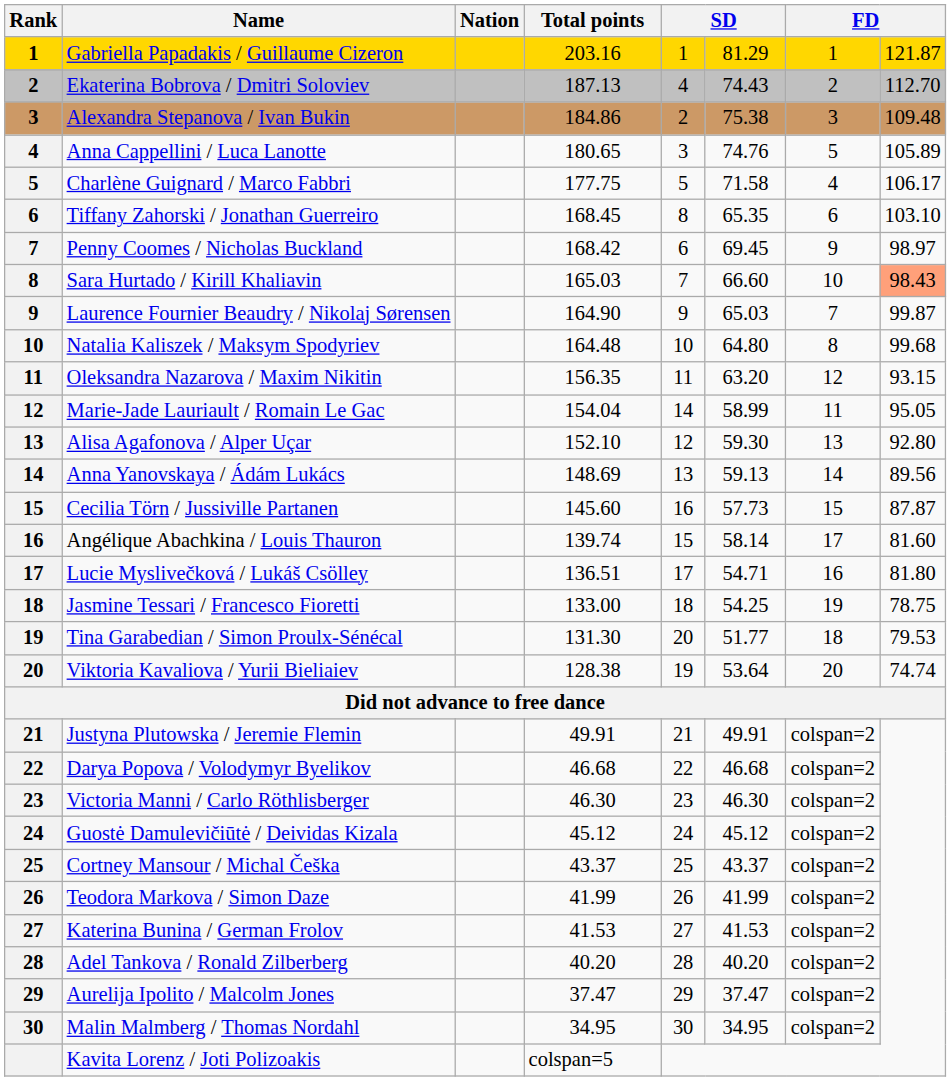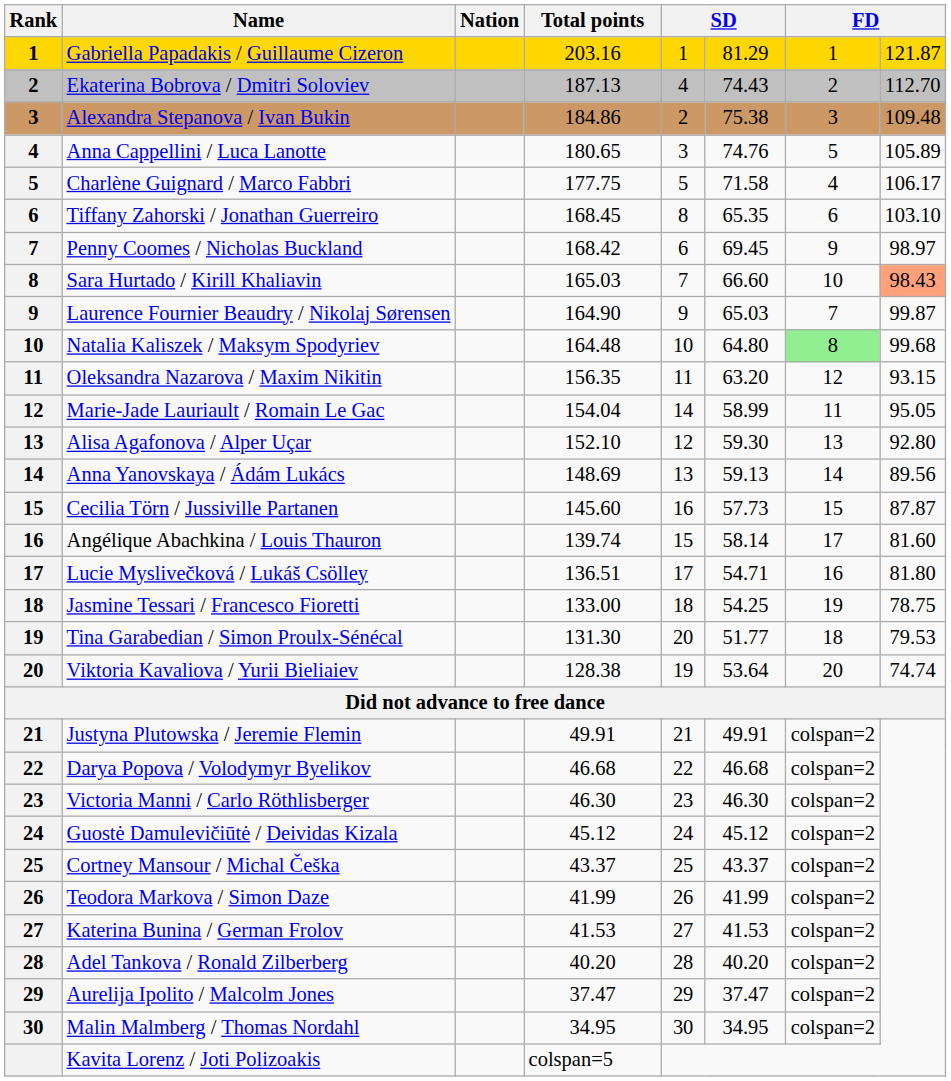 <table class="wikitable sortable">
 <tr>
 <th>Rank</th>
 <th>Name</th>
 <th>Nation</th>
 <th width="100px">Total points</th>
 <th colspan="2" width="90px"><a href='#'>SD</a></th>
 <th colspan="2" width="90px"><a href='#'>FD</a></th>
 </tr>
 <tr bgcolor="gold">
 <td align="center" bgcolor="gold"><strong>1</strong></td>
 <td><a href='#'>Gabriella Papadakis</a> / <a href='#'>Guillaume Cizeron</a></td>
 <td></td>
 <td align="center">203.16</td>
 <td align="center">1</td>
 <td align="center">81.29</td>
 <td align="center">1</td>
 <td align="center">121.87</td>
 </tr>
 <tr bgcolor="silver">
 <td align="center" bgcolor="silver"><strong>2</strong></td>
 <td><a href='#'>Ekaterina Bobrova</a> / <a href='#'>Dmitri Soloviev</a></td>
 <td></td>
 <td align="center">187.13</td>
 <td align="center">4</td>
 <td align="center">74.43</td>
 <td align="center">2</td>
 <td align="center">112.70</td>
 </tr>
 <tr bgcolor="#cc9966">
 <td align="center" bgcolor="#cc9966"><strong>3</strong></td>
 <td><a href='#'>Alexandra Stepanova</a> / <a href='#'>Ivan Bukin</a></td>
 <td></td>
 <td align="center">184.86</td>
 <td align="center">2</td>
 <td align="center">75.38</td>
 <td align="center">3</td>
 <td align="center">109.48</td>
 </tr>
 <tr>
 <th>4</th>
 <td><a href='#'>Anna Cappellini</a> / <a href='#'>Luca Lanotte</a></td>
 <td></td>
 <td align="center">180.65</td>
 <td align="center">3</td>
 <td align="center">74.76</td>
 <td align="center">5</td>
 <td align="center">105.89</td>
 </tr>
 <tr>
 <th>5</th>
 <td><a href='#'>Charlène Guignard</a> / <a href='#'>Marco Fabbri</a></td>
 <td></td>
 <td align="center">177.75</td>
 <td align="center">5</td>
 <td align="center">71.58</td>
 <td align="center">4</td>
 <td align="center">106.17</td>
 </tr>
 <tr>
 <th>6</th>
 <td><a href='#'>Tiffany Zahorski</a> / <a href='#'>Jonathan Guerreiro</a></td>
 <td></td>
 <td align="center">168.45</td>
 <td align="center">8</td>
 <td align="center">65.35</td>
 <td align="center">6</td>
 <td align="center">103.10</td>
 </tr>
 <tr>
 <th>7</th>
 <td><a href='#'>Penny Coomes</a> / <a href='#'>Nicholas Buckland</a></td>
 <td></td>
 <td align="center">168.42</td>
 <td align="center">6</td>
 <td align="center">69.45</td>
 <td align="center">9</td>
 <td align="center">98.97</td>
 </tr>
 <tr>
 <th>8</th>
 <td><a href='#'>Sara Hurtado</a> / <a href='#'>Kirill Khaliavin</a></td>
 <td></td>
 <td align="center">165.03</td>
 <td align="center">7</td>
 <td align="center">66.60</td>
 <td align="center">10</td>
 <td align="center" style="background: lightsalmon;">98.43</td>
 </tr>
 <tr>
 <th>9</th>
 <td><a href='#'>Laurence Fournier Beaudry</a> / <a href='#'>Nikolaj Sørensen</a></td>
 <td></td>
 <td align="center">164.90</td>
 <td align="center">9</td>
 <td align="center">65.03</td>
 <td align="center">7</td>
 <td align="center">99.87</td>
 </tr>
 <tr>
 <th>10</th>
 <td><a href='#'>Natalia Kaliszek</a> / <a href='#'>Maksym Spodyriev</a></td>
 <td></td>
 <td align="center">164.48</td>
 <td align="center">10</td>
 <td align="center">64.80</td>
-<td align="center">8</td>
+<td align="center" style="background: lightgreen;">8</td>
 <td align="center">99.68</td>
 </tr>
 <tr>
 <th>11</th>
 <td><a href='#'>Oleksandra Nazarova</a> / <a href='#'>Maxim Nikitin</a></td>
 <td></td>
 <td align="center">156.35</td>
 <td align="center">11</td>
 <td align="center">63.20</td>
 <td align="center">12</td>
 <td align="center">93.15</td>
 </tr>
 <tr>
 <th>12</th>
 <td><a href='#'>Marie-Jade Lauriault</a> / <a href='#'>Romain Le Gac</a></td>
 <td></td>
 <td align="center">154.04</td>
 <td align="center">14</td>
 <td align="center">58.99</td>
 <td align="center">11</td>
 <td align="center">95.05</td>
 </tr>
 <tr>
 <th>13</th>
 <td><a href='#'>Alisa Agafonova</a> / <a href='#'>Alper Uçar</a></td>
 <td></td>
 <td align="center">152.10</td>
 <td align="center">12</td>
 <td align="center">59.30</td>
 <td align="center">13</td>
 <td align="center">92.80</td>
 </tr>
 <tr>
 <th>14</th>
 <td><a href='#'>Anna Yanovskaya</a> / <a href='#'>Ádám Lukács</a></td>
 <td></td>
 <td align="center">148.69</td>
 <td align="center">13</td>
 <td align="center">59.13</td>
 <td align="center">14</td>
 <td align="center">89.56</td>
 </tr>
 <tr>
 <th>15</th>
 <td><a href='#'>Cecilia Törn</a> / <a href='#'>Jussiville Partanen</a></td>
 <td></td>
 <td align="center">145.60</td>
 <td align="center">16</td>
 <td align="center">57.73</td>
 <td align="center">15</td>
 <td align="center">87.87</td>
 </tr>
 <tr>
 <th>16</th>
 <td>Angélique Abachkina / <a href='#'>Louis Thauron</a></td>
 <td></td>
 <td align="center">139.74</td>
 <td align="center">15</td>
 <td align="center">58.14</td>
 <td align="center">17</td>
 <td align="center">81.60</td>
 </tr>
 <tr>
 <th>17</th>
 <td><a href='#'>Lucie Myslivečková</a> / <a href='#'>Lukáš Csölley</a></td>
 <td></td>
 <td align="center">136.51</td>
 <td align="center">17</td>
 <td align="center">54.71</td>
 <td align="center">16</td>
 <td align="center">81.80</td>
 </tr>
 <tr>
 <th>18</th>
 <td><a href='#'>Jasmine Tessari</a> / <a href='#'>Francesco Fioretti</a></td>
 <td></td>
 <td align="center">133.00</td>
 <td align="center">18</td>
 <td align="center">54.25</td>
 <td align="center">19</td>
 <td align="center">78.75</td>
 </tr>
 <tr>
 <th>19</th>
 <td><a href='#'>Tina Garabedian</a> / <a href='#'>Simon Proulx-Sénécal</a></td>
 <td></td>
 <td align="center">131.30</td>
 <td align="center">20</td>
 <td align="center">51.77</td>
 <td align="center">18</td>
 <td align="center">79.53</td>
 </tr>
 <tr>
 <th>20</th>
 <td><a href='#'>Viktoria Kavaliova</a> / <a href='#'>Yurii Bieliaiev</a></td>
 <td></td>
 <td align="center">128.38</td>
 <td align="center">19</td>
 <td align="center">53.64</td>
 <td align="center">20</td>
 <td align="center">74.74</td>
 </tr>
 <tr>
 <th colspan=8>Did not advance to free dance</th>
 </tr>
 <tr>
 <th>21</th>
 <td><a href='#'>Justyna Plutowska</a> / <a href='#'>Jeremie Flemin</a></td>
 <td></td>
 <td align="center">49.91</td>
 <td align="center">21</td>
 <td align="center">49.91</td>
 <td>colspan=2 </td>
 </tr>
 <tr>
 <th>22</th>
 <td><a href='#'>Darya Popova</a> / <a href='#'>Volodymyr Byelikov</a></td>
 <td></td>
 <td align="center">46.68</td>
 <td align="center">22</td>
 <td align="center">46.68</td>
 <td>colspan=2 </td>
 </tr>
 <tr>
 <th>23</th>
 <td><a href='#'>Victoria Manni</a> / <a href='#'>Carlo Röthlisberger</a></td>
 <td></td>
 <td align="center">46.30</td>
 <td align="center">23</td>
 <td align="center">46.30</td>
 <td>colspan=2 </td>
 </tr>
 <tr>
 <th>24</th>
 <td><a href='#'>Guostė Damulevičiūtė</a> / <a href='#'>Deividas Kizala</a></td>
 <td></td>
 <td align="center">45.12</td>
 <td align="center">24</td>
 <td align="center">45.12</td>
 <td>colspan=2 </td>
 </tr>
 <tr>
 <th>25</th>
 <td><a href='#'>Cortney Mansour</a> / <a href='#'>Michal Češka</a></td>
 <td></td>
 <td align="center">43.37</td>
 <td align="center">25</td>
 <td align="center">43.37</td>
 <td>colspan=2 </td>
 </tr>
 <tr>
 <th>26</th>
 <td><a href='#'>Teodora Markova</a> / <a href='#'>Simon Daze</a></td>
 <td></td>
 <td align="center">41.99</td>
 <td align="center">26</td>
 <td align="center">41.99</td>
 <td>colspan=2 </td>
 </tr>
 <tr>
 <th>27</th>
 <td><a href='#'>Katerina Bunina</a> / <a href='#'>German Frolov</a></td>
 <td></td>
 <td align="center">41.53</td>
 <td align="center">27</td>
 <td align="center">41.53</td>
 <td>colspan=2 </td>
 </tr>
 <tr>
 <th>28</th>
 <td><a href='#'>Adel Tankova</a> / <a href='#'>Ronald Zilberberg</a></td>
 <td></td>
 <td align="center">40.20</td>
 <td align="center">28</td>
 <td align="center">40.20</td>
 <td>colspan=2 </td>
 </tr>
 <tr>
 <th>29</th>
 <td><a href='#'>Aurelija Ipolito</a> / <a href='#'>Malcolm Jones</a></td>
 <td></td>
 <td align="center">37.47</td>
 <td align="center">29</td>
 <td align="center">37.47</td>
 <td>colspan=2 </td>
 </tr>
 <tr>
 <th>30</th>
 <td><a href='#'>Malin Malmberg</a> / <a href='#'>Thomas Nordahl</a></td>
 <td></td>
 <td align="center">34.95</td>
 <td align="center">30</td>
 <td align="center">34.95</td>
 <td>colspan=2 </td>
 </tr>
 <tr>
 <th></th>
 <td><a href='#'>Kavita Lorenz</a> / <a href='#'>Joti Polizoakis</a></td>
 <td></td>
 <td>colspan=5 </td>
 </tr>
 </table>
